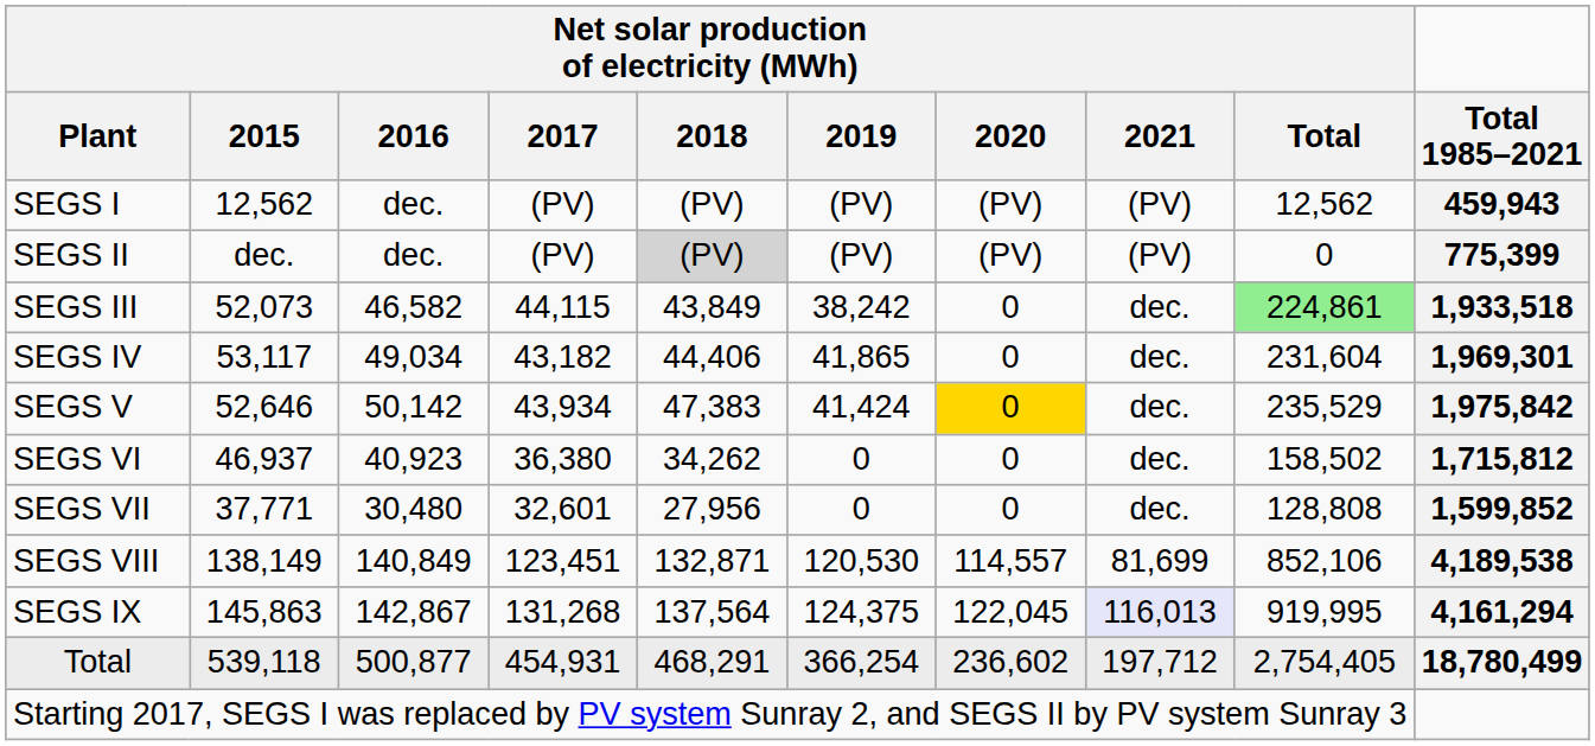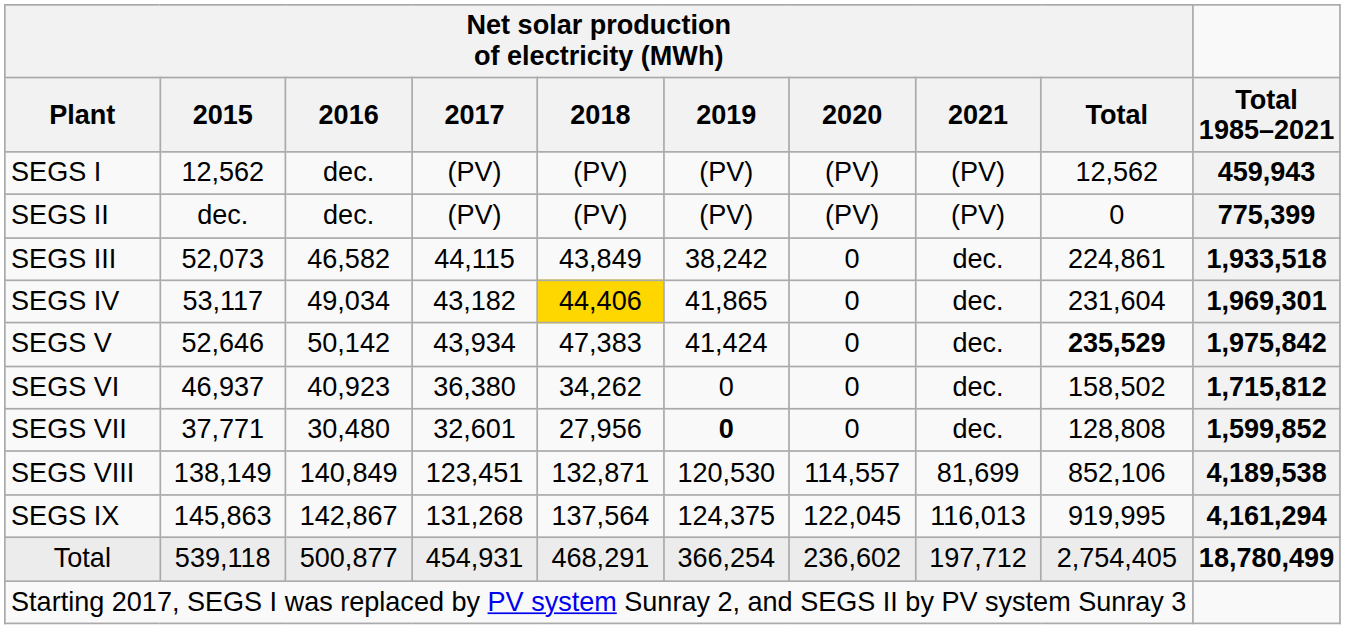 <table class="wikitable sortable" style="text-align: center;">
 <tr bgcolor="#ececec">
 <th colspan="9">Net solar production <br>of electricity (MWh)</th>
 </tr>
 <tr bgcolor="#ececec">
 <th>Plant</th>
 <th>2015</th>
 <th>2016</th>
 <th>2017</th>
 <th>2018</th>
 <th>2019</th>
 <th>2020</th>
 <th>2021</th>
 <th>Total</th>
 <th>Total<br>1985–2021</th>
 </tr>
 <tr>
 <td align="left">SEGS I</td>
 <td>12,562</td>
 <td>dec.</td>
 <td>(PV)</td>
 <td>(PV)</td>
 <td>(PV)</td>
 <td>(PV)</td>
 <td>(PV)</td>
 <td>12,562</td>
 <th>459,943</th>
 </tr>
 <tr>
 <td align="left">SEGS II</td>
 <td>dec.</td>
 <td>dec.</td>
 <td>(PV)</td>
-<td style="background: lightgrey;">(PV)</td>
+<td>(PV)</td>
 <td>(PV)</td>
 <td>(PV)</td>
 <td>(PV)</td>
 <td>0</td>
 <th>775,399</th>
 </tr>
 <tr>
 <td align="left">SEGS III</td>
 <td>52,073</td>
 <td>46,582</td>
 <td>44,115</td>
 <td>43,849</td>
 <td>38,242</td>
 <td>0</td>
 <td>dec.</td>
-<td style="background: lightgreen;">224,861</td>
+<td>224,861</td>
 <th>1,933,518</th>
 </tr>
 <tr>
 <td align="left">SEGS IV</td>
 <td>53,117</td>
 <td>49,034</td>
 <td>43,182</td>
-<td>44,406</td>
+<td style="background: gold;">44,406</td>
 <td>41,865</td>
 <td>0</td>
 <td>dec.</td>
 <td>231,604</td>
 <th>1,969,301</th>
 </tr>
 <tr>
 <td align="left">SEGS V</td>
 <td>52,646</td>
 <td>50,142</td>
 <td>43,934</td>
 <td>47,383</td>
 <td>41,424</td>
-<td style="background: gold;">0</td>
+<td>0</td>
 <td>dec.</td>
-<td>235,529</td>
+<td><strong>235,529</strong></td>
 <th>1,975,842</th>
 </tr>
 <tr>
 <td align="left">SEGS VI</td>
 <td>46,937</td>
 <td>40,923</td>
 <td>36,380</td>
 <td>34,262</td>
 <td>0</td>
 <td>0</td>
 <td>dec.</td>
 <td>158,502</td>
 <th>1,715,812</th>
 </tr>
 <tr>
 <td align="left">SEGS VII</td>
 <td>37,771</td>
 <td>30,480</td>
 <td>32,601</td>
 <td>27,956</td>
-<td>0</td>
+<td><strong>0</strong></td>
 <td>0</td>
 <td>dec.</td>
 <td>128,808</td>
 <th>1,599,852</th>
 </tr>
 <tr>
 <td align="left">SEGS VIII</td>
 <td>138,149</td>
 <td>140,849</td>
 <td>123,451</td>
 <td>132,871</td>
 <td>120,530</td>
 <td>114,557</td>
 <td>81,699</td>
 <td>852,106</td>
 <th>4,189,538</th>
 </tr>
 <tr>
 <td align="left">SEGS IX</td>
 <td>145,863</td>
 <td>142,867</td>
 <td>131,268</td>
 <td>137,564</td>
 <td>124,375</td>
 <td>122,045</td>
-<td style="background: lavender;">116,013</td>
+<td>116,013</td>
 <td>919,995</td>
 <th>4,161,294</th>
 </tr>
 <tr bgcolor="#ececec">
 <td>Total</td>
 <td>539,118</td>
 <td>500,877</td>
 <td>454,931</td>
 <td>468,291</td>
 <td>366,254</td>
 <td>236,602</td>
 <td>197,712</td>
 <td>2,754,405</td>
 <th>18,780,499</th>
 </tr>
 <tr>
 <td colspan="9" align="left">Starting 2017, SEGS I was replaced by <a href='#'>PV system</a> Sunray 2, and SEGS II by PV system Sunray 3</td>
 </tr>
 </table>
